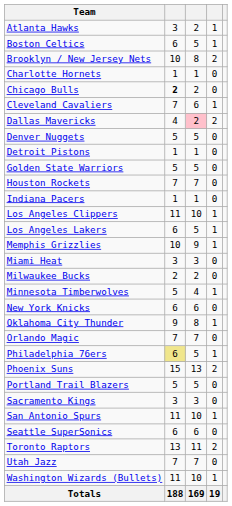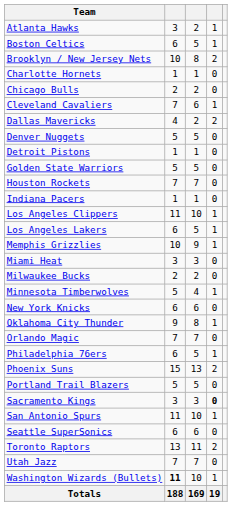 <table class="wikitable sortable" style="text-align:center; font-size:90%">
 <tr>
 <th>Team</th>
 <th></th>
 <th></th>
 <th></th>
 <th></th>
 </tr>
 <tr>
 <td align="left"> <a href='#'>Atlanta Hawks</a></td>
 <td>3</td>
 <td>2</td>
 <td>1</td>
 <td></td>
 </tr>
 <tr>
 <td align="left"> <a href='#'>Boston Celtics</a></td>
 <td>6</td>
 <td>5</td>
 <td>1</td>
 <td></td>
 </tr>
 <tr>
 <td align="left"> <a href='#'>Brooklyn / New Jersey Nets</a></td>
 <td>10</td>
 <td>8</td>
 <td>2</td>
 <td></td>
 </tr>
 <tr>
 <td align="left"> <a href='#'>Charlotte Hornets</a></td>
 <td>1</td>
 <td>1</td>
 <td>0</td>
 <td></td>
 </tr>
 <tr>
 <td align="left"> <a href='#'>Chicago Bulls</a></td>
-<td><strong>2</strong></td>
+<td>2</td>
 <td>2</td>
 <td>0</td>
 <td></td>
 </tr>
 <tr>
 <td align="left"> <a href='#'>Cleveland Cavaliers</a></td>
 <td>7</td>
 <td>6</td>
 <td>1</td>
 <td></td>
 </tr>
 <tr>
 <td align="left"> <a href='#'>Dallas Mavericks</a></td>
 <td>4</td>
-<td style="background: pink;">2</td>
+<td>2</td>
 <td>2</td>
 <td></td>
 </tr>
 <tr>
 <td align="left"> <a href='#'>Denver Nuggets</a></td>
 <td>5</td>
 <td>5</td>
 <td>0</td>
 <td></td>
 </tr>
 <tr>
 <td align="left"> <a href='#'>Detroit Pistons</a></td>
 <td>1</td>
 <td>1</td>
 <td>0</td>
 <td></td>
 </tr>
 <tr>
 <td align="left"> <a href='#'>Golden State Warriors</a></td>
 <td>5</td>
 <td>5</td>
 <td>0</td>
 <td></td>
 </tr>
 <tr>
 <td align="left"> <a href='#'>Houston Rockets</a></td>
 <td>7</td>
 <td>7</td>
 <td>0</td>
 <td></td>
 </tr>
 <tr>
 <td align="left"> <a href='#'>Indiana Pacers</a></td>
 <td>1</td>
 <td>1</td>
 <td>0</td>
 <td></td>
 </tr>
 <tr>
 <td align="left"> <a href='#'>Los Angeles Clippers</a></td>
 <td>11</td>
 <td>10</td>
 <td>1</td>
 <td></td>
 </tr>
 <tr>
 <td align="left"> <a href='#'>Los Angeles Lakers</a></td>
 <td>6</td>
 <td>5</td>
 <td>1</td>
 <td></td>
 </tr>
 <tr>
 <td align="left"> <a href='#'>Memphis Grizzlies</a></td>
 <td>10</td>
 <td>9</td>
 <td>1</td>
 <td></td>
 </tr>
 <tr>
 <td align="left"> <a href='#'>Miami Heat</a></td>
 <td>3</td>
 <td>3</td>
 <td>0</td>
 <td></td>
 </tr>
 <tr>
 <td align="left"> <a href='#'>Milwaukee Bucks</a></td>
 <td>2</td>
 <td>2</td>
 <td>0</td>
 <td></td>
 </tr>
 <tr>
 <td align="left"> <a href='#'>Minnesota Timberwolves</a></td>
 <td>5</td>
 <td>4</td>
 <td>1</td>
 <td></td>
 </tr>
 <tr>
 <td align="left"> <a href='#'>New York Knicks</a></td>
 <td>6</td>
 <td>6</td>
 <td>0</td>
 <td></td>
 </tr>
 <tr>
 <td align="left"> <a href='#'>Oklahoma City Thunder</a></td>
 <td>9</td>
 <td>8</td>
 <td>1</td>
 <td></td>
 </tr>
 <tr>
 <td align="left"> <a href='#'>Orlando Magic</a></td>
 <td>7</td>
 <td>7</td>
 <td>0</td>
 <td></td>
 </tr>
 <tr>
 <td align="left"> <a href='#'>Philadelphia 76ers</a></td>
-<td style="background: khaki;">6</td>
+<td>6</td>
 <td>5</td>
 <td>1</td>
 <td></td>
 </tr>
 <tr>
 <td align="left"> <a href='#'>Phoenix Suns</a></td>
 <td>15</td>
 <td>13</td>
 <td>2</td>
 <td></td>
 </tr>
 <tr>
 <td align="left"> <a href='#'>Portland Trail Blazers</a></td>
 <td>5</td>
 <td>5</td>
 <td>0</td>
 <td></td>
 </tr>
 <tr>
 <td align="left"> <a href='#'>Sacramento Kings</a></td>
 <td>3</td>
 <td>3</td>
-<td>0</td>
+<td><strong>0</strong></td>
 <td></td>
 </tr>
 <tr>
 <td align="left"> <a href='#'>San Antonio Spurs</a></td>
 <td>11</td>
 <td>10</td>
 <td>1</td>
 <td></td>
 </tr>
 <tr>
 <td align="left"> <a href='#'>Seattle SuperSonics</a></td>
 <td>6</td>
 <td>6</td>
 <td>0</td>
 <td></td>
 </tr>
 <tr>
 <td align="left"> <a href='#'>Toronto Raptors</a></td>
 <td>13</td>
 <td>11</td>
 <td>2</td>
 <td></td>
 </tr>
 <tr>
 <td align="left"> <a href='#'>Utah Jazz</a></td>
 <td>7</td>
 <td>7</td>
 <td>0</td>
 <td></td>
 </tr>
 <tr>
 <td align="left"> <a href='#'>Washington Wizards (Bullets)</a></td>
-<td>11</td>
+<td><strong>11</strong></td>
 <td>10</td>
 <td>1</td>
 <td></td>
 </tr>
 <tr>
 <th>Totals</th>
 <th>188</th>
 <th>169</th>
 <th>19</th>
 <th></th>
 </tr>
 </table>
